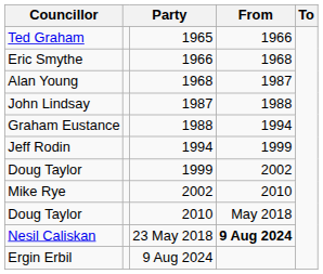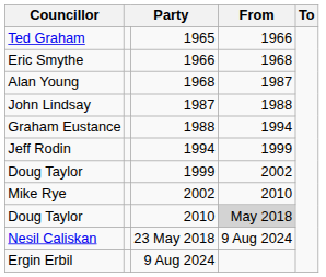 <table class=wikitable>
 <tr>
 <th>Councillor</th>
 <th colspan=2>Party</th>
 <th>From</th>
 <th>To</th>
 </tr>
 <tr>
 <td><a href='#'>Ted Graham</a></td>
 <td></td>
 <td align=right>1965</td>
 <td align=right>1966</td>
 </tr>
 <tr>
 <td>Eric Smythe</td>
 <td></td>
 <td align=right>1966</td>
 <td align=right>1968</td>
 </tr>
 <tr>
 <td>Alan Young</td>
 <td></td>
 <td align=right>1968</td>
 <td align=right>1987</td>
 </tr>
 <tr>
 <td>John Lindsay</td>
 <td></td>
 <td align=right>1987</td>
 <td align=right>1988</td>
 </tr>
 <tr>
 <td>Graham Eustance</td>
 <td></td>
 <td align=right>1988</td>
 <td align=right>1994</td>
 </tr>
 <tr>
 <td>Jeff Rodin</td>
 <td></td>
 <td align=right>1994</td>
 <td align=right>1999</td>
 </tr>
 <tr>
 <td>Doug Taylor</td>
 <td></td>
 <td align=right>1999</td>
 <td align=right>2002</td>
 </tr>
 <tr>
 <td>Mike Rye</td>
 <td></td>
 <td align=right>2002</td>
 <td align=right>2010</td>
 </tr>
 <tr>
 <td>Doug Taylor</td>
 <td></td>
 <td align=right>2010</td>
-<td align=right>May 2018</td>
+<td align=right style="background: lightgrey;">May 2018</td>
 </tr>
 <tr>
 <td><a href='#'>Nesil Caliskan</a></td>
 <td></td>
 <td align=right>23 May 2018</td>
-<td align=right><strong>9 Aug 2024</strong></td>
+<td align=right>9 Aug 2024</td>
 </tr>
 <tr>
 <td>Ergin Erbil</td>
 <td></td>
 <td align=right>9 Aug 2024</td>
 <td align=right></td>
 </tr>
 </table>
